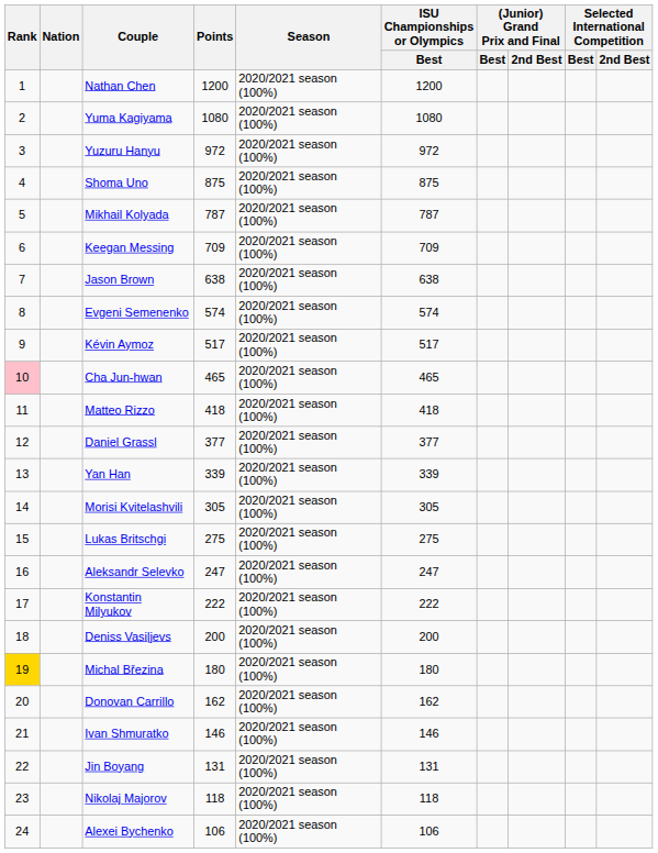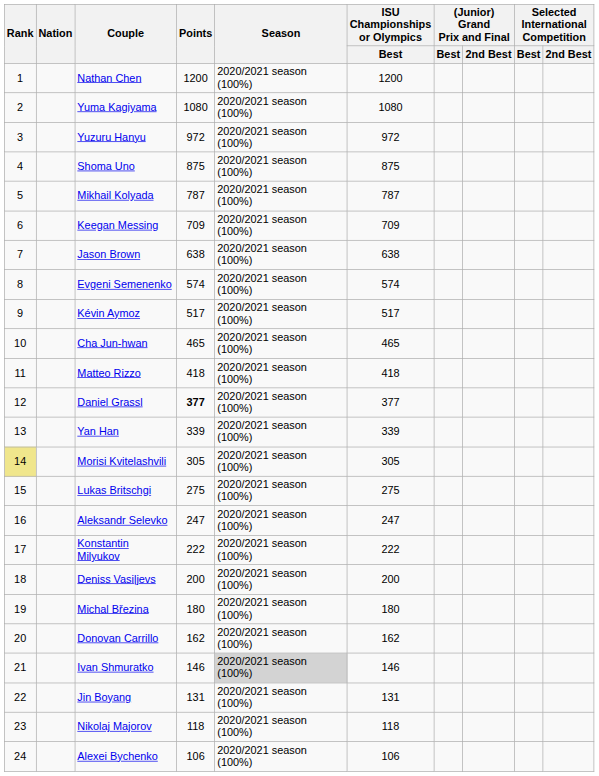 <table class="wikitable sortable" style="text-align: center;">
 <tr>
 <th rowspan="2">Rank</th>
 <th rowspan="2">Nation</th>
 <th rowspan="2">Couple</th>
 <th rowspan="2">Points</th>
 <th rowspan="2">Season</th>
 <th>ISU <br> Championships <br> or Olympics</th>
 <th colspan="2">(Junior) Grand <br> Prix and Final</th>
 <th colspan="2">Selected <br> International <br> Competition</th>
 </tr>
 <tr>
 <th>Best</th>
 <th>Best</th>
 <th>2nd Best</th>
 <th>Best</th>
 <th>2nd Best</th>
 </tr>
 <tr>
 <td>1</td>
 <td style="text-align: left;"></td>
 <td style="text-align: left;"><a href='#'>Nathan Chen</a></td>
 <td>1200</td>
 <td style="text-align: left;">2020/2021 season (100%)</td>
 <td>1200</td>
 <td></td>
 <td></td>
 <td></td>
 <td></td>
 </tr>
 <tr>
 <td>2</td>
 <td style="text-align: left;"></td>
 <td style="text-align: left;"><a href='#'>Yuma Kagiyama</a></td>
 <td>1080</td>
 <td style="text-align: left;">2020/2021 season (100%)</td>
 <td>1080</td>
 <td></td>
 <td></td>
 <td></td>
 <td></td>
 </tr>
 <tr>
 <td>3</td>
 <td style="text-align: left;"></td>
 <td style="text-align: left;"><a href='#'>Yuzuru Hanyu</a></td>
 <td>972</td>
 <td style="text-align: left;">2020/2021 season (100%)</td>
 <td>972</td>
 <td></td>
 <td></td>
 <td></td>
 <td></td>
 </tr>
 <tr>
 <td>4</td>
 <td style="text-align: left;"></td>
 <td style="text-align: left;"><a href='#'>Shoma Uno</a></td>
 <td>875</td>
 <td style="text-align: left;">2020/2021 season (100%)</td>
 <td>875</td>
 <td></td>
 <td></td>
 <td></td>
 <td></td>
 </tr>
 <tr>
 <td>5</td>
 <td style="text-align: left;"></td>
 <td style="text-align: left;"><a href='#'>Mikhail Kolyada</a></td>
 <td>787</td>
 <td style="text-align: left;">2020/2021 season (100%)</td>
 <td>787</td>
 <td></td>
 <td></td>
 <td></td>
 <td></td>
 </tr>
 <tr>
 <td>6</td>
 <td style="text-align: left;"></td>
 <td style="text-align: left;"><a href='#'>Keegan Messing</a></td>
 <td>709</td>
 <td style="text-align: left;">2020/2021 season (100%)</td>
 <td>709</td>
 <td></td>
 <td></td>
 <td></td>
 <td></td>
 </tr>
 <tr>
 <td>7</td>
 <td style="text-align: left;"></td>
 <td style="text-align: left;"><a href='#'>Jason Brown</a></td>
 <td>638</td>
 <td style="text-align: left;">2020/2021 season (100%)</td>
 <td>638</td>
 <td></td>
 <td></td>
 <td></td>
 <td></td>
 </tr>
 <tr>
 <td>8</td>
 <td style="text-align: left;"></td>
 <td style="text-align: left;"><a href='#'>Evgeni Semenenko</a></td>
 <td>574</td>
 <td style="text-align: left;">2020/2021 season (100%)</td>
 <td>574</td>
 <td></td>
 <td></td>
 <td></td>
 <td></td>
 </tr>
 <tr>
 <td>9</td>
 <td style="text-align: left;"></td>
 <td style="text-align: left;"><a href='#'>Kévin Aymoz</a></td>
 <td>517</td>
 <td style="text-align: left;">2020/2021 season (100%)</td>
 <td>517</td>
 <td></td>
 <td></td>
 <td></td>
 <td></td>
 </tr>
 <tr>
-<td style="background: pink;">10</td>
+<td>10</td>
 <td style="text-align: left;"></td>
 <td style="text-align: left;"><a href='#'>Cha Jun-hwan</a></td>
 <td>465</td>
 <td style="text-align: left;">2020/2021 season (100%)</td>
 <td>465</td>
 <td></td>
 <td></td>
 <td></td>
 <td></td>
 </tr>
 <tr>
 <td>11</td>
 <td style="text-align: left;"></td>
 <td style="text-align: left;"><a href='#'>Matteo Rizzo</a></td>
 <td>418</td>
 <td style="text-align: left;">2020/2021 season (100%)</td>
 <td>418</td>
 <td></td>
 <td></td>
 <td></td>
 <td></td>
 </tr>
 <tr>
 <td>12</td>
 <td style="text-align: left;"></td>
 <td style="text-align: left;"><a href='#'>Daniel Grassl</a></td>
-<td>377</td>
+<td><strong>377</strong></td>
 <td style="text-align: left;">2020/2021 season (100%)</td>
 <td>377</td>
 <td></td>
 <td></td>
 <td></td>
 <td></td>
 </tr>
 <tr>
 <td>13</td>
 <td style="text-align: left;"></td>
 <td style="text-align: left;"><a href='#'>Yan Han</a></td>
 <td>339</td>
 <td style="text-align: left;">2020/2021 season (100%)</td>
 <td>339</td>
 <td></td>
 <td></td>
 <td></td>
 <td></td>
 </tr>
 <tr>
-<td>14</td>
+<td style="background: khaki;">14</td>
 <td style="text-align: left;"></td>
 <td style="text-align: left;"><a href='#'>Morisi Kvitelashvili</a></td>
 <td>305</td>
 <td style="text-align: left;">2020/2021 season (100%)</td>
 <td>305</td>
 <td></td>
 <td></td>
 <td></td>
 <td></td>
 </tr>
 <tr>
 <td>15</td>
 <td style="text-align: left;"></td>
 <td style="text-align: left;"><a href='#'>Lukas Britschgi</a></td>
 <td>275</td>
 <td style="text-align: left;">2020/2021 season (100%)</td>
 <td>275</td>
 <td></td>
 <td></td>
 <td></td>
 <td></td>
 </tr>
 <tr>
 <td>16</td>
 <td style="text-align: left;"></td>
 <td style="text-align: left;"><a href='#'>Aleksandr Selevko</a></td>
 <td>247</td>
 <td style="text-align: left;">2020/2021 season (100%)</td>
 <td>247</td>
 <td></td>
 <td></td>
 <td></td>
 <td></td>
 </tr>
 <tr>
 <td>17</td>
 <td style="text-align: left;"></td>
 <td style="text-align: left;"><a href='#'>Konstantin Milyukov</a></td>
 <td>222</td>
 <td style="text-align: left;">2020/2021 season (100%)</td>
 <td>222</td>
 <td></td>
 <td></td>
 <td></td>
 <td></td>
 </tr>
 <tr>
 <td>18</td>
 <td style="text-align: left;"></td>
 <td style="text-align: left;"><a href='#'>Deniss Vasiļjevs</a></td>
 <td>200</td>
 <td style="text-align: left;">2020/2021 season (100%)</td>
 <td>200</td>
 <td></td>
 <td></td>
 <td></td>
 <td></td>
 </tr>
 <tr>
-<td style="background: gold;">19</td>
+<td>19</td>
 <td style="text-align: left;"></td>
 <td style="text-align: left;"><a href='#'>Michal Březina</a></td>
 <td>180</td>
 <td style="text-align: left;">2020/2021 season (100%)</td>
 <td>180</td>
 <td></td>
 <td></td>
 <td></td>
 <td></td>
 </tr>
 <tr>
 <td>20</td>
 <td style="text-align: left;"></td>
 <td style="text-align: left;"><a href='#'>Donovan Carrillo</a></td>
 <td>162</td>
 <td style="text-align: left;">2020/2021 season (100%)</td>
 <td>162</td>
 <td></td>
 <td></td>
 <td></td>
 <td></td>
 </tr>
 <tr>
 <td>21</td>
 <td style="text-align: left;"></td>
 <td style="text-align: left;"><a href='#'>Ivan Shmuratko</a></td>
 <td>146</td>
-<td style="text-align: left;">2020/2021 season (100%)</td>
+<td style="background: lightgrey; text-align: left;">2020/2021 season (100%)</td>
 <td>146</td>
 <td></td>
 <td></td>
 <td></td>
 <td></td>
 </tr>
 <tr>
 <td>22</td>
 <td style="text-align: left;"></td>
 <td style="text-align: left;"><a href='#'>Jin Boyang</a></td>
 <td>131</td>
 <td style="text-align: left;">2020/2021 season (100%)</td>
 <td>131</td>
 <td></td>
 <td></td>
 <td></td>
 <td></td>
 </tr>
 <tr>
 <td>23</td>
 <td style="text-align: left;"></td>
 <td style="text-align: left;"><a href='#'>Nikolaj Majorov</a></td>
 <td>118</td>
 <td style="text-align: left;">2020/2021 season (100%)</td>
 <td>118</td>
 <td></td>
 <td></td>
 <td></td>
 <td></td>
 </tr>
 <tr>
 <td>24</td>
 <td style="text-align: left;"></td>
 <td style="text-align: left;"><a href='#'>Alexei Bychenko</a></td>
 <td>106</td>
 <td style="text-align: left;">2020/2021 season (100%)</td>
 <td>106</td>
 <td></td>
 <td></td>
 <td></td>
 <td></td>
 </tr>
 </table>
